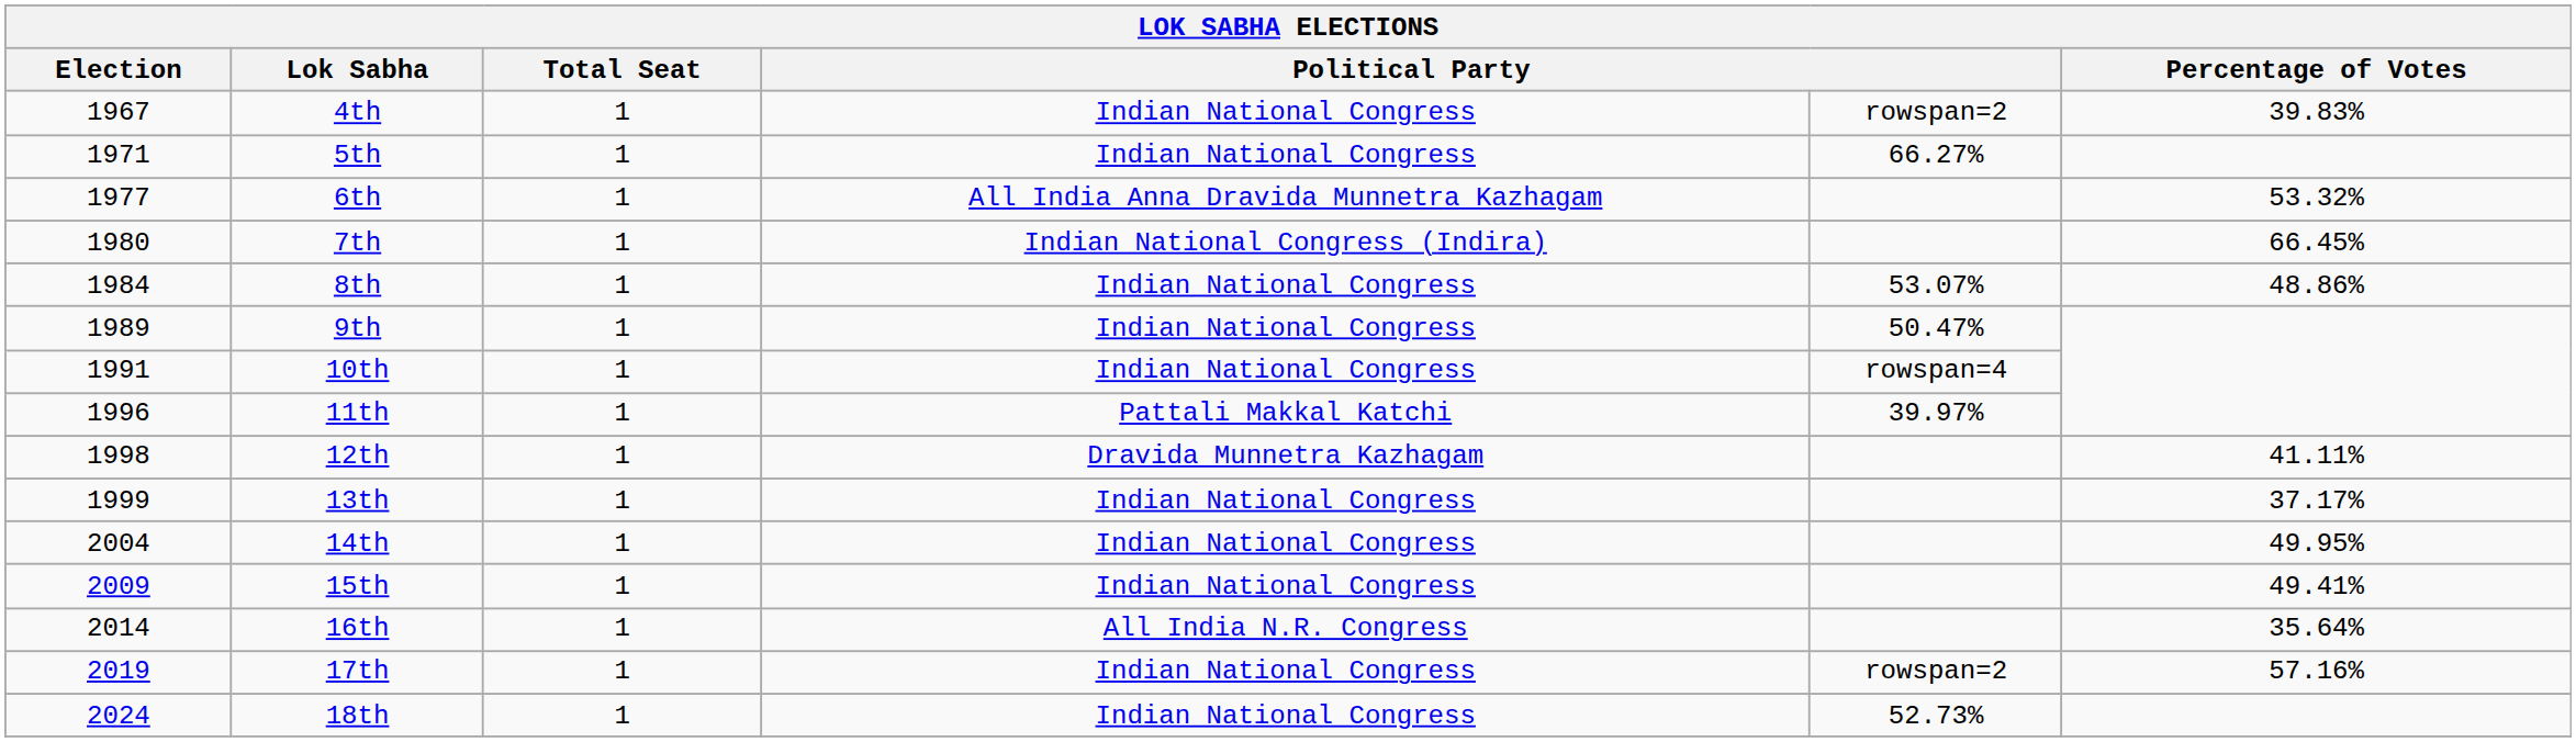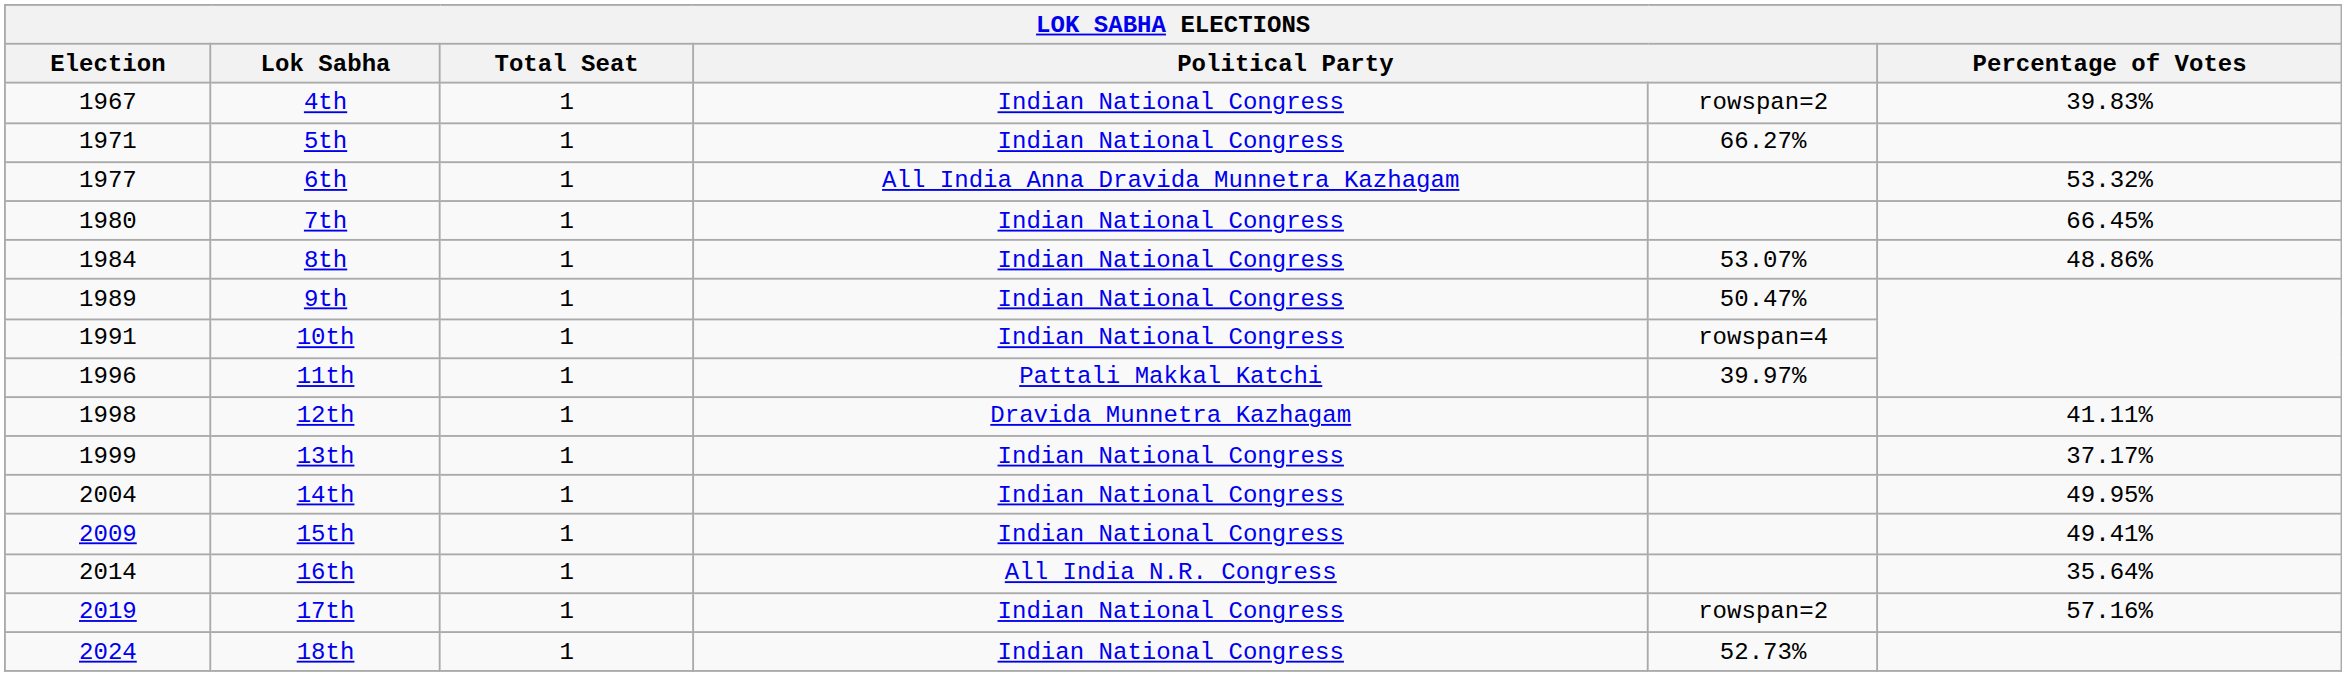 <table class="wikitable" style="width:100%; text-align:center">
 <tr>
 <th colspan=8><strong><a href='#'>LOK SABHA</a> ELECTIONS</strong></th>
 </tr>
 <tr>
 <th>Election</th>
 <th>Lok Sabha</th>
 <th>Total Seat</th>
 <th colspan=2>Political Party</th>
 <th>Percentage of Votes</th>
 </tr>
 <tr>
 <td>1967</td>
 <td><a href='#'>4th</a></td>
 <td>1</td>
 <td><a href='#'>Indian National Congress</a></td>
 <td>rowspan=2 </td>
 <td>39.83%</td>
 </tr>
 <tr>
 <td>1971</td>
 <td><a href='#'>5th</a></td>
 <td>1</td>
 <td><a href='#'>Indian National Congress</a></td>
 <td>66.27%</td>
 </tr>
 <tr>
 <td>1977</td>
 <td><a href='#'>6th</a></td>
 <td>1</td>
 <td><a href='#'>All India Anna Dravida Munnetra Kazhagam</a></td>
 <td></td>
 <td>53.32%</td>
 </tr>
 <tr>
 <td>1980</td>
 <td><a href='#'>7th</a></td>
 <td>1</td>
-<td><a href='#'>Indian National Congress (Indira)</a></td>
+<td><a href='#'>Indian National Congress</a></td>
 <td></td>
 <td>66.45%</td>
 </tr>
 <tr>
 <td>1984</td>
 <td><a href='#'>8th</a></td>
 <td>1</td>
 <td><a href='#'>Indian National Congress</a></td>
 <td>53.07%</td>
 <td>48.86%</td>
 </tr>
 <tr>
 <td>1989</td>
 <td><a href='#'>9th</a></td>
 <td>1</td>
 <td><a href='#'>Indian National Congress</a></td>
 <td>50.47%</td>
 </tr>
 <tr>
 <td>1991</td>
 <td><a href='#'>10th</a></td>
 <td>1</td>
 <td><a href='#'>Indian National Congress</a></td>
 <td>rowspan=4 </td>
 </tr>
 <tr>
 <td>1996</td>
 <td><a href='#'>11th</a></td>
 <td>1</td>
 <td><a href='#'>Pattali Makkal Katchi</a></td>
 <td>39.97%</td>
 </tr>
 <tr>
 <td>1998</td>
 <td><a href='#'>12th</a></td>
 <td>1</td>
 <td><a href='#'>Dravida Munnetra Kazhagam</a></td>
 <td></td>
 <td>41.11%</td>
 </tr>
 <tr>
 <td>1999</td>
 <td><a href='#'>13th</a></td>
 <td>1</td>
 <td><a href='#'>Indian National Congress</a></td>
 <td></td>
 <td>37.17%</td>
 </tr>
 <tr>
 <td>2004</td>
 <td><a href='#'>14th</a></td>
 <td>1</td>
 <td><a href='#'>Indian National Congress</a></td>
 <td></td>
 <td>49.95%</td>
 </tr>
 <tr>
 <td><a href='#'>2009</a></td>
 <td><a href='#'>15th</a></td>
 <td>1</td>
 <td><a href='#'>Indian National Congress</a></td>
 <td></td>
 <td>49.41%</td>
 </tr>
 <tr>
 <td>2014</td>
 <td><a href='#'>16th</a></td>
 <td>1</td>
 <td><a href='#'>All India N.R. Congress</a></td>
 <td></td>
 <td>35.64%</td>
 </tr>
 <tr>
 <td><a href='#'>2019</a></td>
 <td><a href='#'>17th</a></td>
 <td>1</td>
 <td><a href='#'>Indian National Congress</a></td>
 <td>rowspan=2 </td>
 <td>57.16%</td>
 </tr>
 <tr>
 <td><a href='#'>2024</a></td>
 <td><a href='#'>18th</a></td>
 <td>1</td>
 <td><a href='#'>Indian National Congress</a></td>
 <td>52.73%</td>
 </tr>
 </table>
